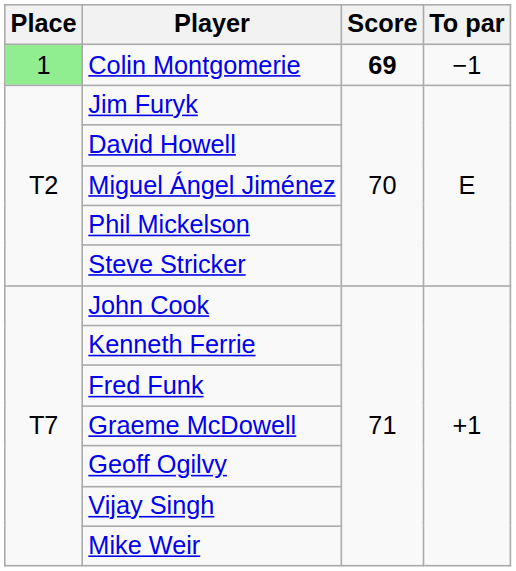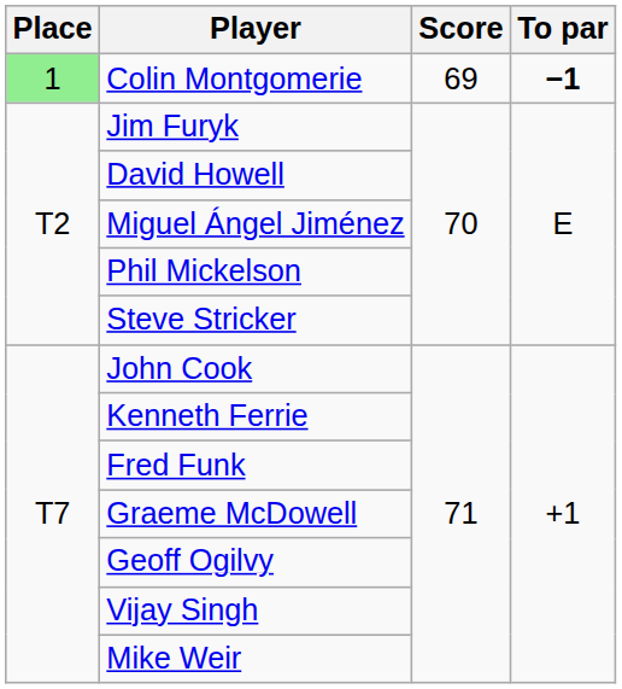 <table class="wikitable">
 <tr>
 <th>Place</th>
 <th>Player</th>
 <th>Score</th>
 <th>To par</th>
 </tr>
 <tr>
 <td align=center style="background: lightgreen;">1</td>
 <td> <a href='#'>Colin Montgomerie</a></td>
-<td align=center><strong>69</strong></td>
-<td align=center>−1</td>
+<td align=center>69</td>
+<td align=center><strong>−1</strong></td>
 </tr>
 <tr>
 <td rowspan="5" align=center>T2</td>
 <td> <a href='#'>Jim Furyk</a></td>
 <td rowspan="5" align=center>70</td>
 <td rowspan="5" align=center>E</td>
 </tr>
 <tr>
 <td> <a href='#'>David Howell</a></td>
 </tr>
 <tr>
 <td> <a href='#'>Miguel Ángel Jiménez</a></td>
 </tr>
 <tr>
 <td> <a href='#'>Phil Mickelson</a></td>
 </tr>
 <tr>
 <td> <a href='#'>Steve Stricker</a></td>
 </tr>
 <tr>
 <td rowspan="7" align=center>T7</td>
 <td> <a href='#'>John Cook</a></td>
 <td rowspan="7" align=center>71</td>
 <td rowspan="7" align=center>+1</td>
 </tr>
 <tr>
 <td> <a href='#'>Kenneth Ferrie</a></td>
 </tr>
 <tr>
 <td> <a href='#'>Fred Funk</a></td>
 </tr>
 <tr>
 <td> <a href='#'>Graeme McDowell</a></td>
 </tr>
 <tr>
 <td> <a href='#'>Geoff Ogilvy</a></td>
 </tr>
 <tr>
 <td> <a href='#'>Vijay Singh</a></td>
 </tr>
 <tr>
 <td> <a href='#'>Mike Weir</a></td>
 </tr>
 </table>
